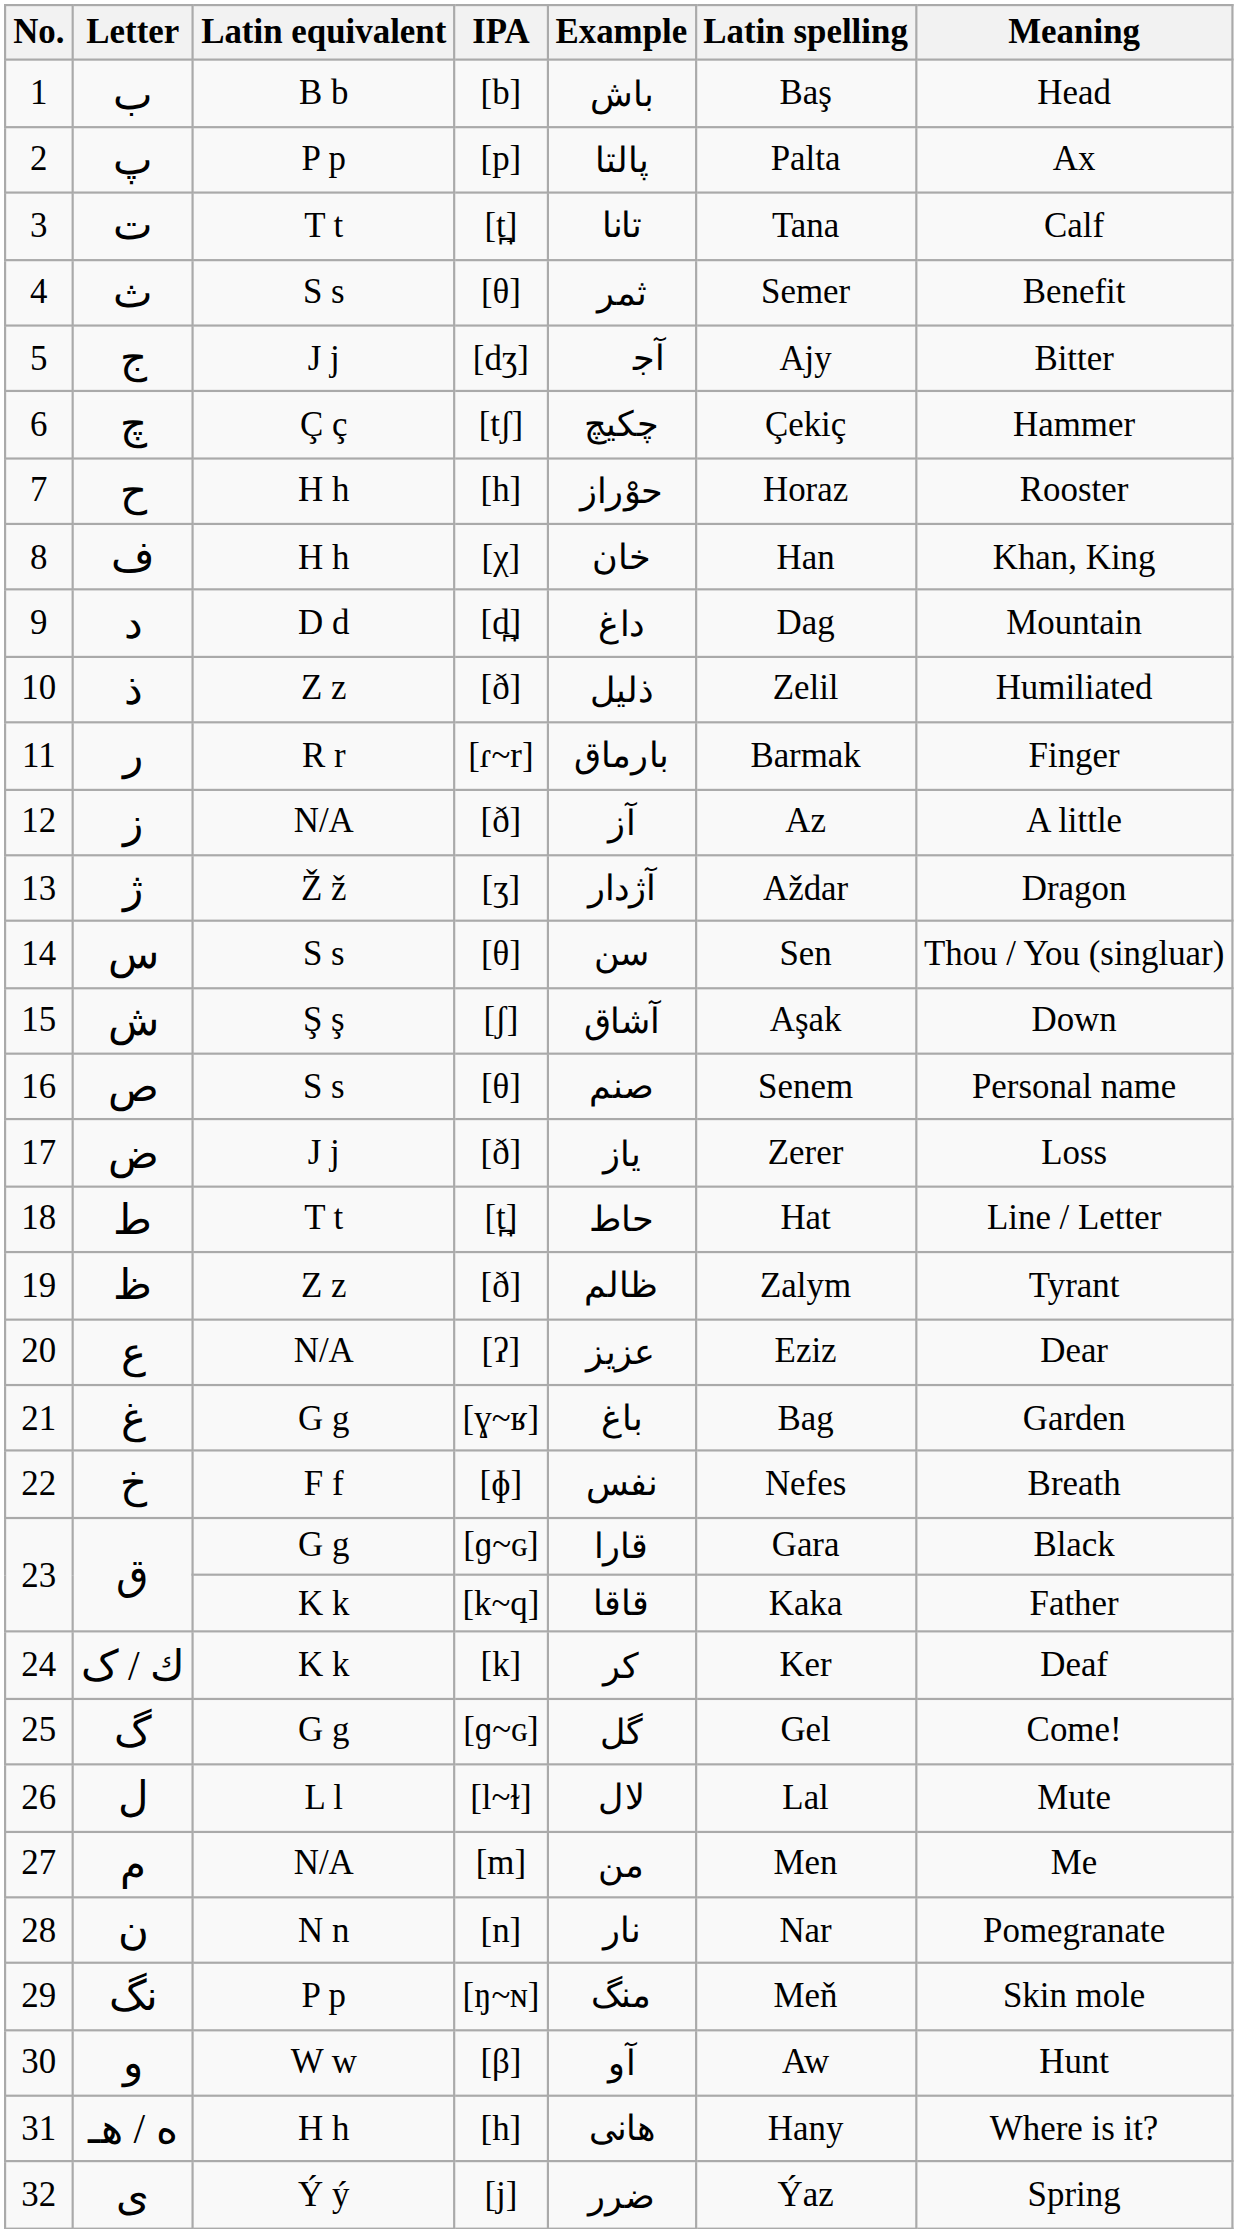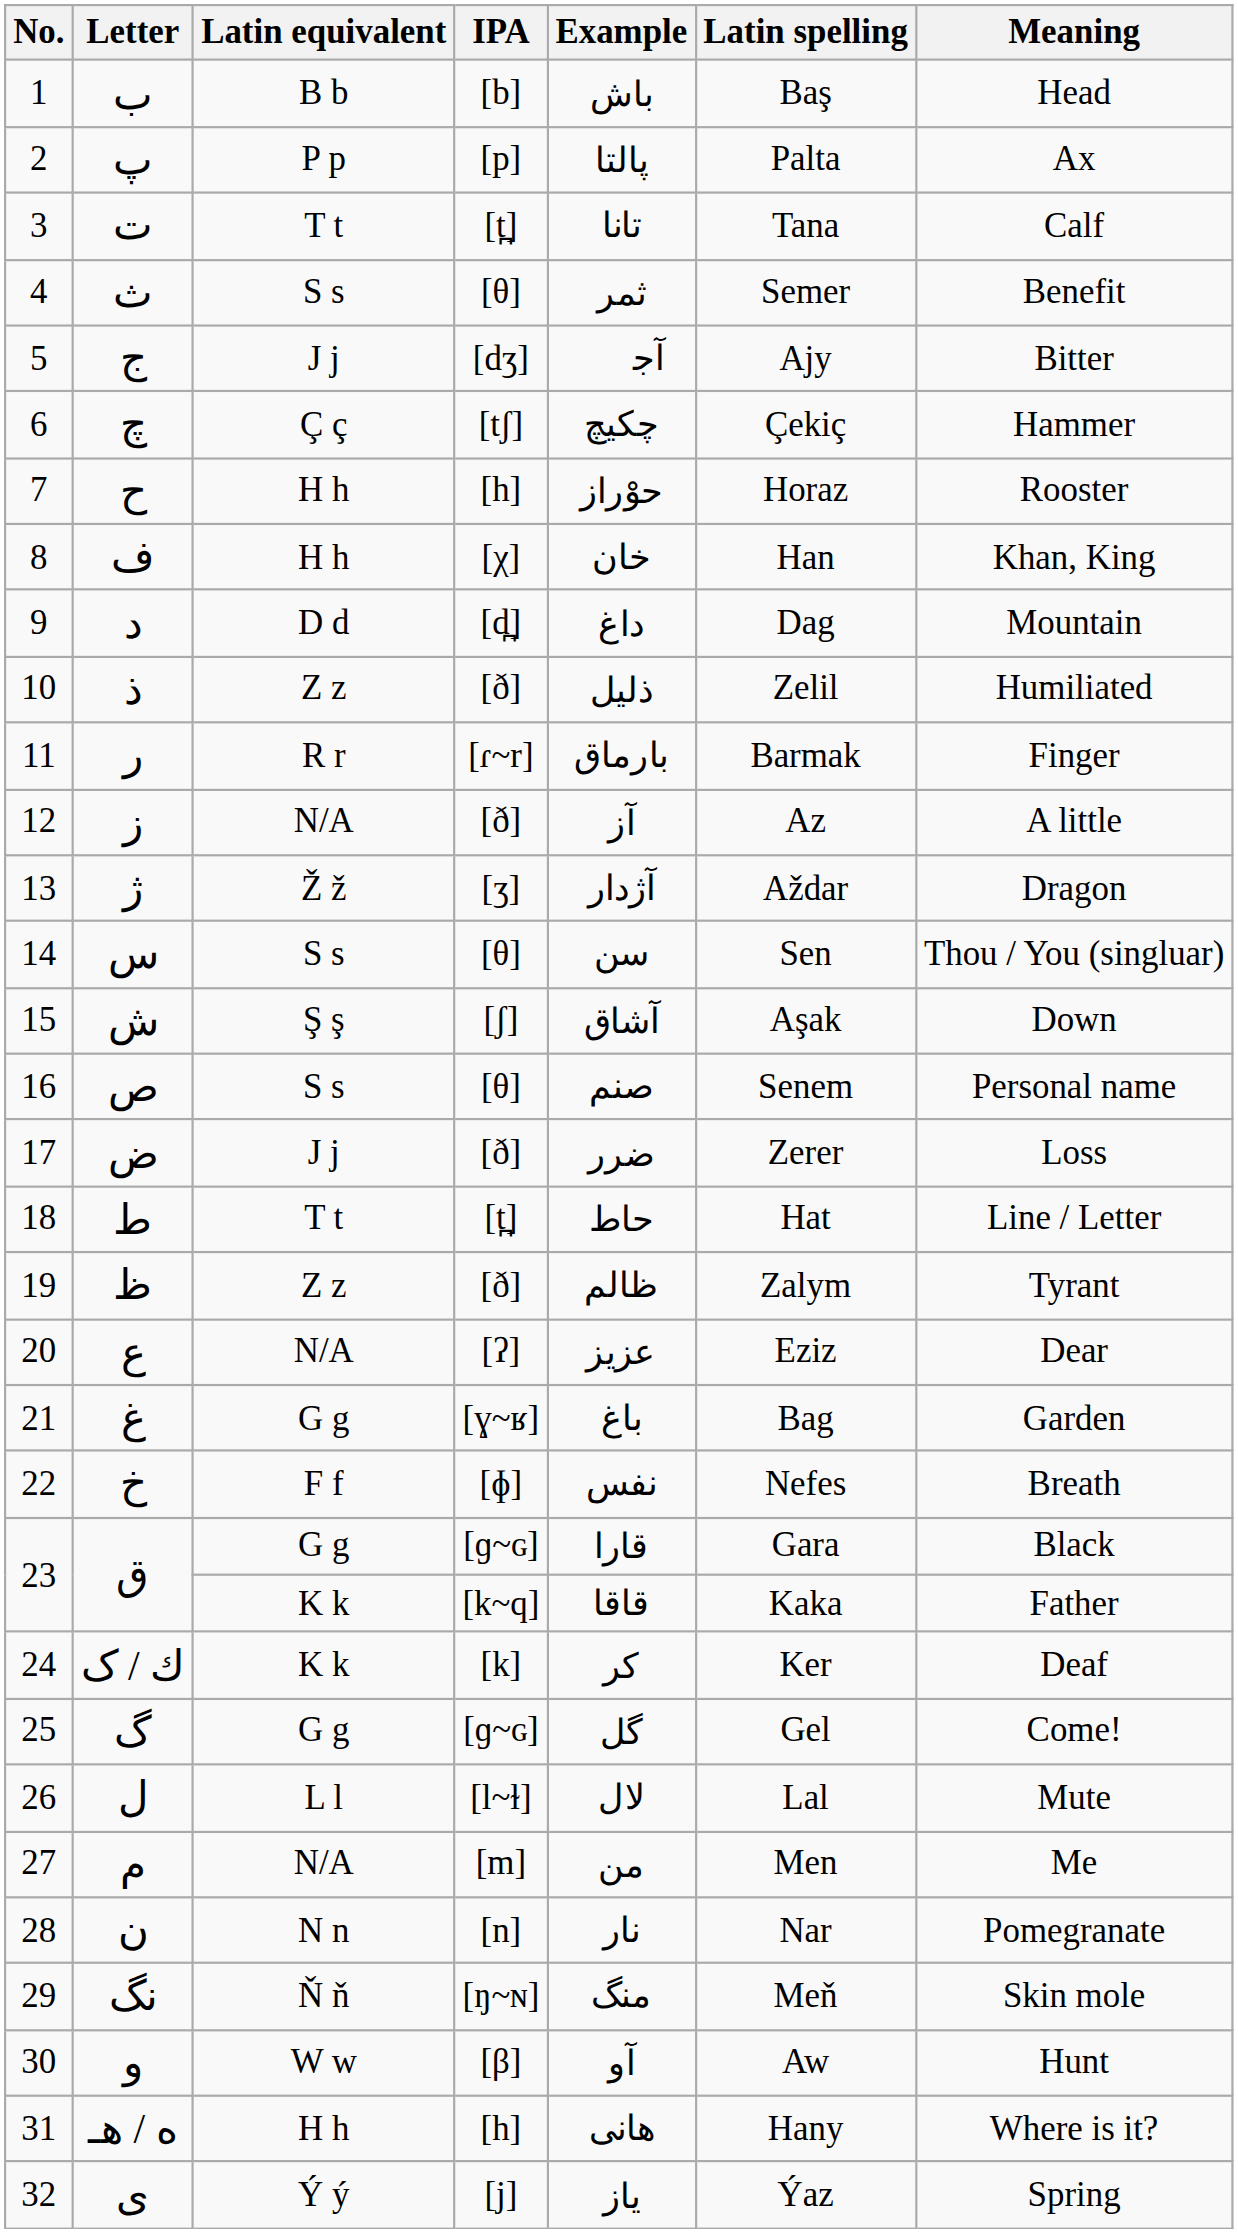 <table class="wikitable" style="text-align:center;">
 <tr>
 <th>No.</th>
 <th>Letter</th>
 <th>Latin equivalent</th>
 <th>IPA</th>
 <th>Example</th>
 <th>Latin spelling</th>
 <th>Meaning</th>
 </tr>
 <tr>
 <td>1</td>
 <td><big>ب</big></td>
 <td>B b</td>
 <td>[b]</td>
 <td>باش</td>
 <td>Baş</td>
 <td>Head</td>
 </tr>
 <tr>
 <td>2</td>
 <td><big>پ</big></td>
 <td>P  p</td>
 <td>[p]</td>
 <td>پالتا</td>
 <td>Palta</td>
 <td>Ax</td>
 </tr>
 <tr>
 <td>3</td>
 <td><big>ت</big></td>
 <td>T t</td>
 <td>[t̪]</td>
 <td>تانا</td>
 <td>Tana</td>
 <td>Calf</td>
 </tr>
 <tr>
 <td>4</td>
 <td><big>ث</big></td>
 <td>S s</td>
 <td>[θ]</td>
 <td>ثمر</td>
 <td>Semer</td>
 <td>Benefit</td>
 </tr>
 <tr>
 <td>5</td>
 <td><big>ج</big></td>
 <td>J j</td>
 <td>[dʒ]</td>
 <td>آجیٛ</td>
 <td>Ajy</td>
 <td>Bitter</td>
 </tr>
 <tr>
 <td>6</td>
 <td><big>چ</big></td>
 <td>Ç  ç</td>
 <td>[tʃ]</td>
 <td>چکیچ</td>
 <td>Çekiç</td>
 <td>Hammer</td>
 </tr>
 <tr>
 <td>7</td>
 <td><big>ح</big></td>
 <td>H h</td>
 <td>[h]</td>
 <td>حو‌ْراز</td>
 <td>Horaz</td>
 <td>Rooster</td>
 </tr>
 <tr>
 <td>8</td>
 <td><big>ف</big></td>
 <td>H h</td>
 <td>[χ]</td>
 <td>خان</td>
 <td>Han</td>
 <td>Khan, King</td>
 </tr>
 <tr>
 <td>9</td>
 <td><big>د</big></td>
 <td>D d</td>
 <td>[d̪]</td>
 <td>داغ</td>
 <td>Dag</td>
 <td>Mountain</td>
 </tr>
 <tr>
 <td>10</td>
 <td><big>ذ</big></td>
 <td>Z z</td>
 <td>[ð]</td>
 <td>ذلیل</td>
 <td>Zelil</td>
 <td>Humiliated</td>
 </tr>
 <tr>
 <td>11</td>
 <td><big>ر</big></td>
 <td>R r</td>
 <td>[ɾ~r]</td>
 <td>بارماق</td>
 <td>Barmak</td>
 <td>Finger</td>
 </tr>
 <tr>
 <td>12</td>
 <td><big>ز</big></td>
 <td>N/A</td>
 <td>[ð]</td>
 <td>آز</td>
 <td>Az</td>
 <td>A little</td>
 </tr>
 <tr>
 <td>13</td>
 <td><big>ژ</big></td>
 <td>Ž ž</td>
 <td>[ʒ]</td>
 <td>آژدار</td>
 <td>Aždar</td>
 <td>Dragon</td>
 </tr>
 <tr>
 <td>14</td>
 <td><big>س</big></td>
 <td>S s</td>
 <td>[θ]</td>
 <td>سن</td>
 <td>Sen</td>
 <td>Thou / You (singluar)</td>
 </tr>
 <tr>
 <td>15</td>
 <td><big>ش</big></td>
 <td>Ş ş</td>
 <td>[ʃ]</td>
 <td>آشاق</td>
 <td>Aşak</td>
 <td>Down</td>
 </tr>
 <tr>
 <td>16</td>
 <td><big>ص</big></td>
 <td>S s</td>
 <td>[θ]</td>
 <td>صنم</td>
 <td>Senem</td>
 <td>Personal name</td>
 </tr>
 <tr>
 <td>17</td>
 <td><big>ض</big></td>
 <td>J j</td>
 <td>[ð]</td>
-<td>یاز</td>
+<td>ضرر</td>
 <td>Zerer</td>
 <td>Loss</td>
 </tr>
 <tr>
 <td>18</td>
 <td><big>ط</big></td>
 <td>T t</td>
 <td>[t̪]</td>
 <td>حاط</td>
 <td>Hat</td>
 <td>Line / Letter</td>
 </tr>
 <tr>
 <td>19</td>
 <td><big>ظ</big></td>
 <td>Z z</td>
 <td>[ð]</td>
 <td>ظالم</td>
 <td>Zalym</td>
 <td>Tyrant</td>
 </tr>
 <tr>
 <td>20</td>
 <td><big>ع</big></td>
 <td>N/A</td>
 <td>[ʔ]</td>
 <td>عزیز</td>
 <td>Eziz</td>
 <td>Dear</td>
 </tr>
 <tr>
 <td>21</td>
 <td><big>غ</big></td>
 <td>G g</td>
 <td>[ɣ~ʁ]</td>
 <td>باغ</td>
 <td>Bag</td>
 <td>Garden</td>
 </tr>
 <tr>
 <td>22</td>
 <td><big>خ</big></td>
 <td>F f</td>
 <td>[ɸ]</td>
 <td>نفس</td>
 <td>Nefes</td>
 <td>Breath</td>
 </tr>
 <tr>
 <td rowspan="2">23</td>
 <td rowspan="2"><big>ق </big></td>
 <td>G  g</td>
 <td>[ɡ~ɢ]</td>
 <td>قارا</td>
 <td>Gara</td>
 <td>Black</td>
 </tr>
 <tr>
 <td>K k</td>
 <td>[k~q]</td>
 <td>قاقا</td>
 <td>Kaka</td>
 <td>Father</td>
 </tr>
 <tr>
 <td>24</td>
 <td><big>ك / ک</big></td>
 <td>K k</td>
 <td>[k]</td>
 <td>کر</td>
 <td>Ker</td>
 <td>Deaf</td>
 </tr>
 <tr>
 <td>25</td>
 <td><big>گ</big></td>
 <td>G g</td>
 <td>[ɡ~ɢ]</td>
 <td>گل</td>
 <td>Gel</td>
 <td>Come!</td>
 </tr>
 <tr>
 <td>26</td>
 <td><big>ل</big></td>
 <td>L l</td>
 <td>[l~ɫ]</td>
 <td>لال</td>
 <td>Lal</td>
 <td>Mute</td>
 </tr>
 <tr>
 <td>27</td>
 <td><big>م</big></td>
 <td>N/A</td>
 <td>[m]</td>
 <td>من</td>
 <td>Men</td>
 <td>Me</td>
 </tr>
 <tr>
 <td>28</td>
 <td><big>ن</big></td>
 <td>N n</td>
 <td>[n]</td>
 <td>نار</td>
 <td>Nar</td>
 <td>Pomegranate</td>
 </tr>
 <tr>
 <td>29</td>
 <td><big>نگ</big></td>
-<td>P  p</td>
+<td>Ň ň</td>
 <td>[ŋ~ɴ]</td>
 <td>منگ</td>
 <td>Meň</td>
 <td>Skin mole</td>
 </tr>
 <tr>
 <td>30</td>
 <td><big>و</big></td>
 <td>W w</td>
 <td>[β]</td>
 <td>آو</td>
 <td>Aw</td>
 <td>Hunt</td>
 </tr>
 <tr>
 <td>31</td>
 <td><big>ه / هـ</big></td>
 <td>H h</td>
 <td>[h]</td>
 <td>هانی</td>
 <td>Hany</td>
 <td>Where is it?</td>
 </tr>
 <tr>
 <td>32</td>
 <td><big>ی</big></td>
 <td>Ý ý</td>
 <td>[j]</td>
-<td>ضرر</td>
+<td>یاز</td>
 <td>Ýaz</td>
 <td>Spring</td>
 </tr>
 </table>
